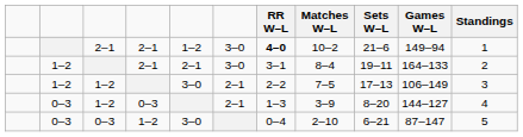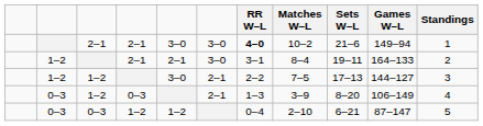 <table class="wikitable" style="width: 100%; text-align:center; font-size:90%">
 <tr>
 <td width=108></td>
 <td width=108></td>
 <td width=108></td>
 <td width=108></td>
 <td width=108></td>
 <td width=108></td>
 <th width=80>RR W–L</th>
 <th width=80>Matches W–L</th>
 <th width=80>Sets W–L</th>
 <th width=80>Games W–L</th>
 <th width=80>Standings</th>
 </tr>
 <tr>
 <td style="text-align:left;"></td>
 <th bgcolor="ededed"></th>
 <td>2–1</td>
 <td>2–1</td>
-<td>1–2</td>
+<td>3–0</td>
 <td>3–0</td>
 <td><strong>4–0</strong></td>
 <td>10–2</td>
 <td>21–6</td>
 <td>149–94</td>
 <td>1</td>
 </tr>
 <tr>
 <td style="text-align:left;"></td>
 <td>1–2</td>
 <th bgcolor="ededed"></th>
 <td>2–1</td>
 <td>2–1</td>
 <td>3–0</td>
 <td>3–1</td>
 <td>8–4</td>
 <td>19–11</td>
 <td>164–133</td>
 <td>2</td>
 </tr>
 <tr>
 <td style="text-align:left;"></td>
 <td>1–2</td>
 <td>1–2</td>
 <th bgcolor="ededed"></th>
 <td>3–0</td>
 <td>2–1</td>
 <td>2–2</td>
 <td>7–5</td>
 <td>17–13</td>
-<td>106–149</td>
+<td>144–127</td>
 <td>3</td>
 </tr>
 <tr>
 <td style="text-align:left;"></td>
 <td>0–3</td>
 <td>1–2</td>
 <td>0–3</td>
 <th bgcolor="ededed"></th>
 <td>2–1</td>
 <td>1–3</td>
 <td>3–9</td>
 <td>8–20</td>
-<td>144–127</td>
+<td>106–149</td>
 <td>4</td>
 </tr>
 <tr>
 <td style="text-align:left;"></td>
 <td>0–3</td>
 <td>0–3</td>
 <td>1–2</td>
-<td>3–0</td>
+<td>1–2</td>
 <th bgcolor="ededed"></th>
 <td>0–4</td>
 <td>2–10</td>
 <td>6–21</td>
 <td>87–147</td>
 <td>5</td>
 </tr>
 </table>
